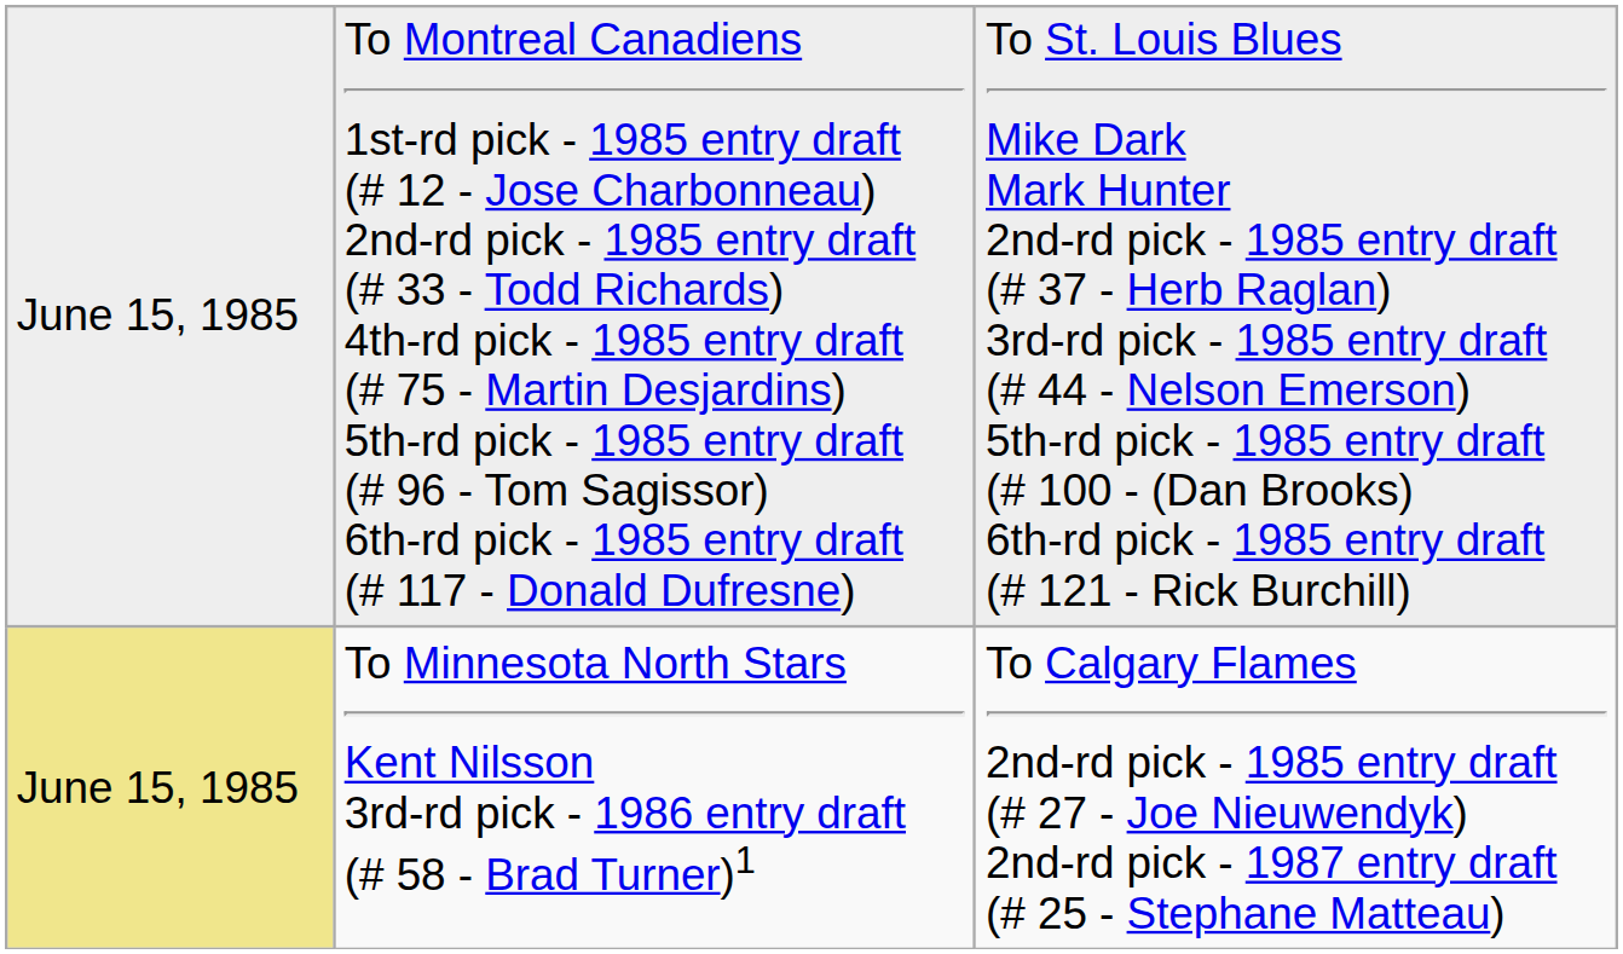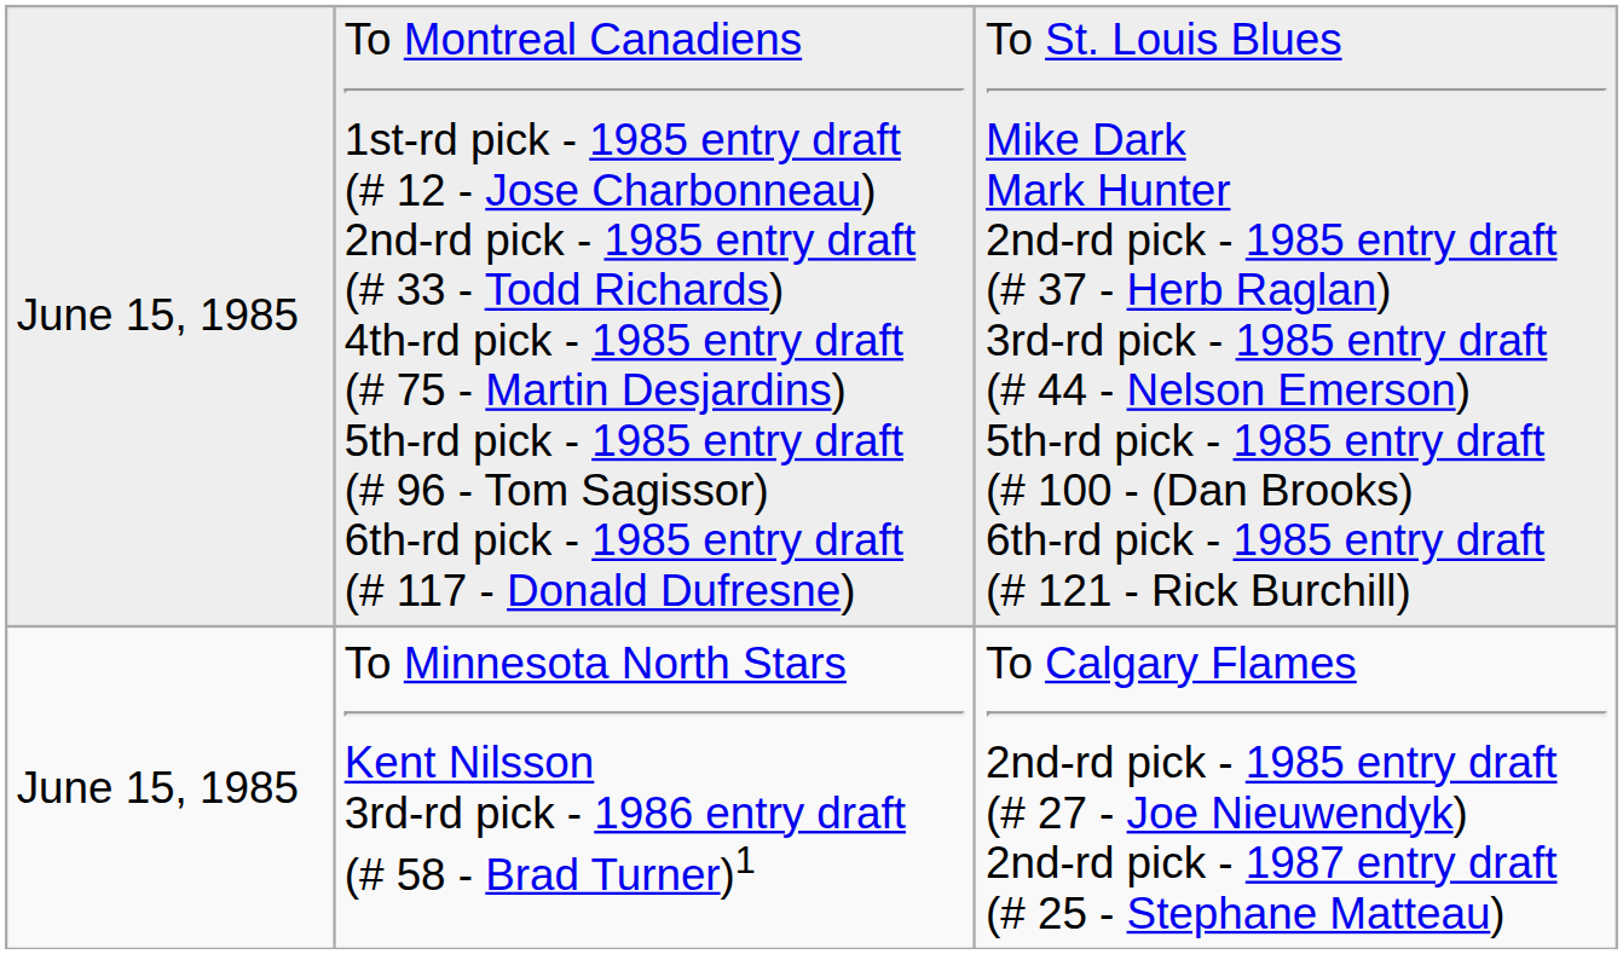 <table class="wikitable" style="border:1px solid #999; width:580px;">
 <tr style="background:#eee;">
 <td>June 15, 1985</td>
 <td valign="top">To <a href='#'>Montreal Canadiens</a><hr>1st-rd pick - <a href='#'>1985 entry draft</a><br>(# 12 - <a href='#'>Jose Charbonneau</a>)<br>2nd-rd pick - <a href='#'>1985 entry draft</a><br>(# 33 - <a href='#'>Todd Richards</a>)<br>4th-rd pick - <a href='#'>1985 entry draft</a><br>(# 75 - <a href='#'>Martin Desjardins</a>)<br>5th-rd pick - <a href='#'>1985 entry draft</a><br>(# 96 - Tom Sagissor)<br>6th-rd pick - <a href='#'>1985 entry draft</a><br>(# 117 - <a href='#'>Donald Dufresne</a>)</td>
 <td valign="top">To <a href='#'>St. Louis Blues</a><hr><a href='#'>Mike Dark</a><br><a href='#'>Mark Hunter</a><br>2nd-rd pick - <a href='#'>1985 entry draft</a><br>(# 37 - <a href='#'>Herb Raglan</a>)<br>3rd-rd pick - <a href='#'>1985 entry draft</a><br>(# 44 - <a href='#'>Nelson Emerson</a>)<br>5th-rd pick - <a href='#'>1985 entry draft</a><br>(# 100 - (Dan Brooks)<br>6th-rd pick - <a href='#'>1985 entry draft</a><br>(# 121 - Rick Burchill)</td>
 </tr>
 <tr>
-<td style="background: khaki;">June 15, 1985</td>
+<td>June 15, 1985</td>
 <td valign="top">To <a href='#'>Minnesota North Stars</a><hr><a href='#'>Kent Nilsson</a><br>3rd-rd pick - <a href='#'>1986 entry draft</a><br>(# 58 - <a href='#'>Brad Turner</a>)<sup>1</sup></td>
 <td valign="top">To <a href='#'>Calgary Flames</a><hr>2nd-rd pick - <a href='#'>1985 entry draft</a><br>(# 27 - <a href='#'>Joe Nieuwendyk</a>)<br>2nd-rd pick - <a href='#'>1987 entry draft</a><br>(# 25 - <a href='#'>Stephane Matteau</a>)</td>
 </tr>
 </table>
